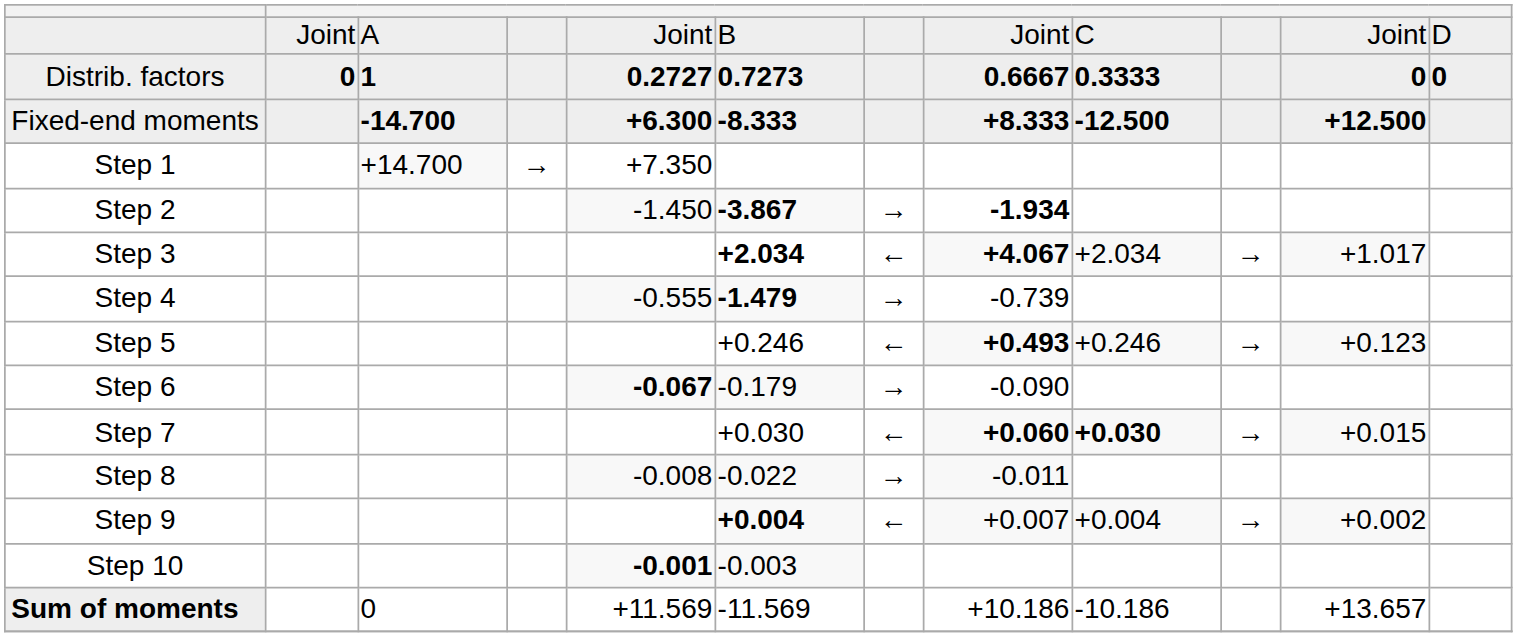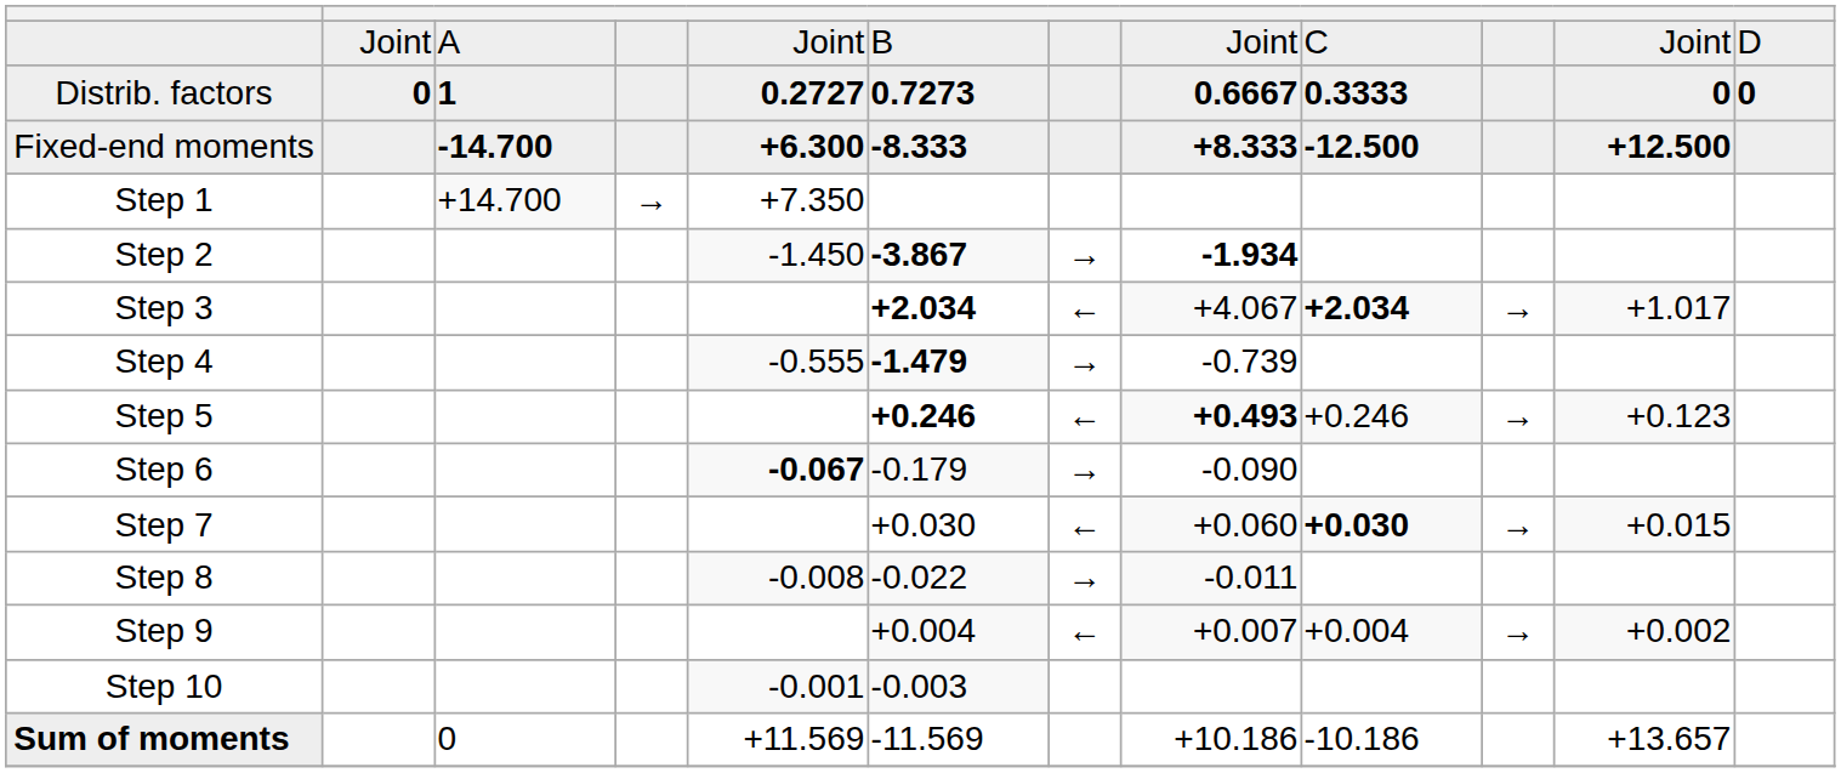 <table class="wikitable" style="background-color:white">
 <tr style="background=color:#EEEEEE;">
 <th></th>
 <th colspan="11"></th>
 </tr>
 <tr style="background-color:#EEEEEE;">
 <td style="text-align:center; font-weight:normal;"></td>
 <td style="text-align:right; width:50px; padding:1px;">Joint</td>
 <td style="text-align:left; width:82px; padding:1px;">A</td>
 <td style="text-align:center; width:31px; padding:1px;"></td>
 <td style="text-align:right; width:82px; padding:1px;">Joint</td>
 <td style="text-align:left; width:82px; padding:1px;">B</td>
 <td style="text-align:center; width:31px; padding:1px;"></td>
 <td style="text-align:right; width:82px; padding:1px;">Joint</td>
 <td style="text-align:left; width:82px; padding:1px;">C</td>
 <td style="text-align:center; width:31px; padding:1px;"></td>
 <td style="text-align:right; width:82px; padding:1px;">Joint</td>
 <td style="text-align:left; width:44px; padding:1px;">D</td>
 </tr>
 <tr style="background-color:#EEEEEE; font-weight:bold;">
 <td style="text-align:center; font-weight:normal;">Distrib. factors</td>
 <td style="text-align:right; width:50px; padding:1px;">0</td>
 <td style="text-align:left; width:82px; padding:1px;">1</td>
 <td style="text-align:center; width:31px; padding:1px;"></td>
 <td style="text-align:right; width:82px; padding:1px;">0.2727</td>
 <td style="text-align:left; width:82px; padding:1px;">0.7273</td>
 <td style="text-align:center; width:31px; padding:1px;"></td>
 <td style="text-align:right; width:82px; padding:1px;">0.6667</td>
 <td style="text-align:left; width:82px; padding:1px;">0.3333</td>
 <td style="text-align:center; width:31px; padding:1px;"></td>
 <td style="text-align:right; width:82px; padding:1px;">0</td>
 <td style="text-align:left; width:44px; padding:1px;">0</td>
 </tr>
 <tr style="background-color:#EEEEEE; font-weight:bold;">
 <td style="text-align:center; font-weight:normal;">Fixed-end moments</td>
 <td style="text-align:right; width:50px; padding:1px;"></td>
 <td style="text-align:left; width:82px; padding:1px;">-14.700</td>
 <td style="text-align:center; width:31px; padding:1px;"></td>
 <td style="text-align:right; width:82px; padding:1px;">+6.300</td>
 <td style="text-align:left; width:82px; padding:1px;">-8.333</td>
 <td style="text-align:center; width:31px; padding:1px;"></td>
 <td style="text-align:right; width:82px; padding:1px;">+8.333</td>
 <td style="text-align:left; width:82px; padding:1px;">-12.500</td>
 <td style="text-align:center; width:31px; padding:1px;"></td>
 <td style="text-align:right; width:82px; padding:1px;">+12.500</td>
 <td style="text-align:left; width:44px; padding:1px;"></td>
 </tr>
 <tr>
 <td style="text-align:center;">Step 1</td>
 <td style="text-align:right; width:50px; padding:1px;"></td>
 <td style="text-align:left; width:82px; background-color:#F8F8F8; padding:1px;">+14.700</td>
 <td style="text-align:center; width:31px; padding:1px;">→</td>
 <td style="text-align:right; width:82px; padding:1px;">+7.350</td>
 <td style="text-align:left; width:82px; padding:1px;"></td>
 <td style="text-align:center; width:31px; padding:1px;"></td>
 <td style="text-align:right; width:82px; padding:1px;"></td>
 <td style="text-align:left; width:82px; padding:1px;"></td>
 <td style="text-align:center; width:31px; padding:1px;"></td>
 <td style="text-align:right; width:82px; padding:1px;"></td>
 <td style="text-align:left; width:44px; padding:1px;"></td>
 </tr>
 <tr>
 <td style="text-align:center;">Step 2</td>
 <td style="text-align:right; width:50px; padding:1px;"></td>
 <td style="text-align:left; width:82px; padding:1px;"></td>
 <td style="text-align:center; width:31px; padding:1px;"></td>
 <td style="text-align:right; width:82px; background-color:#F8F8F8; padding:1px;">-1.450</td>
 <td style="text-align:left; width:82px; background-color:#F8F8F8; padding:1px;"><strong>-3.867</strong></td>
 <td style="text-align:center; width:31px; padding:1px;">→</td>
 <td style="text-align:right; width:82px; padding:1px;"><strong>-1.934</strong></td>
 <td style="text-align:left; width:82px; padding:1px;"></td>
 <td style="text-align:center; width:31px; padding:1px;"></td>
 <td style="text-align:right; width:82px; padding:1px;"></td>
 <td style="text-align:left; width:44px; padding:1px;"></td>
 </tr>
 <tr>
 <td style="text-align:center;">Step 3</td>
 <td style="text-align:right; width:50px; padding:1px;"></td>
 <td style="text-align:left; width:82px; padding:1px;"></td>
 <td style="text-align:center; width:31px; padding:1px;"></td>
 <td style="text-align:right; width:82px; padding:1px;"></td>
 <td style="text-align:left; width:82px; padding:1px;"><strong>+2.034</strong></td>
 <td style="text-align:center; width:31px; padding:1px;">←</td>
-<td style="text-align:right; width:82px; background-color:#F8F8F8; padding:1px;"><strong>+4.067</strong></td>
-<td style="text-align:left; width:82px; background-color:#F8F8F8; padding:1px;">+2.034</td>
+<td style="text-align:right; width:82px; background-color:#F8F8F8; padding:1px;">+4.067</td>
+<td style="text-align:left; width:82px; background-color:#F8F8F8; padding:1px;"><strong>+2.034</strong></td>
 <td style="text-align:center; width:31px; padding:1px;">→</td>
 <td style="text-align:right; width:82px; background-color:#F8F8F8; padding:1px;">+1.017</td>
 <td style="text-align:left; width:44px; padding:1px;"></td>
 </tr>
 <tr>
 <td style="text-align:center;">Step 4</td>
 <td style="text-align:right; width:50px; padding:1px;"></td>
 <td style="text-align:left; width:82px; padding:1px;"></td>
 <td style="text-align:center; width:31px; padding:1px;"></td>
 <td style="text-align:right; width:82px; background-color:#F8F8F8; padding:1px;">-0.555</td>
 <td style="text-align:left; width:82px; background-color:#F8F8F8; padding:1px;"><strong>-1.479</strong></td>
 <td style="text-align:center; width:31px; padding:1px;">→</td>
 <td style="text-align:right; width:82px; padding:1px;">-0.739</td>
 <td style="text-align:left; width:82px; padding:1px;"></td>
 <td style="text-align:center; width:31px; padding:1px;"></td>
 <td style="text-align:right; width:82px; padding:1px;"></td>
 <td style="text-align:left; width:44px; padding:1px;"></td>
 </tr>
 <tr>
 <td style="text-align:center;">Step 5</td>
 <td style="text-align:right; width:50px; padding:1px;"></td>
 <td style="text-align:left; width:82px; padding:1px;"></td>
 <td style="text-align:center; width:31px; padding:1px;"></td>
 <td style="text-align:right; width:82px; padding:1px;"></td>
-<td style="text-align:left; width:82px; padding:1px;">+0.246</td>
+<td style="text-align:left; width:82px; padding:1px;"><strong>+0.246</strong></td>
 <td style="text-align:center; width:31px; padding:1px;">←</td>
 <td style="text-align:right; width:82px; background-color:#F8F8F8; padding:1px;"><strong>+0.493</strong></td>
 <td style="text-align:left; width:82px; background-color:#F8F8F8; padding:1px;">+0.246</td>
 <td style="text-align:center; width:31px; padding:1px;">→</td>
 <td style="text-align:right; width:82px; background-color:#F8F8F8; padding:1px;">+0.123</td>
 <td style="text-align:left; width:44px; padding:1px;"></td>
 </tr>
 <tr>
 <td style="text-align:center;">Step 6</td>
 <td style="text-align:right; width:50px; padding:1px;"></td>
 <td style="text-align:left; width:82px; padding:1px;"></td>
 <td style="text-align:center; width:31px; padding:1px;"></td>
 <td style="text-align:right; width:82px; background-color:#F8F8F8; padding:1px;"><strong>-0.067</strong></td>
 <td style="text-align:left; width:82px; background-color:#F8F8F8; padding:1px;">-0.179</td>
 <td style="text-align:center; width:31px; padding:1px;">→</td>
 <td style="text-align:right; width:82px; padding:1px;">-0.090</td>
 <td style="text-align:left; width:82px; padding:1px;"></td>
 <td style="text-align:center; width:31px; padding:1px;"></td>
 <td style="text-align:right; width:82px; padding:1px;"></td>
 <td style="text-align:left; width:44px; padding:1px;"></td>
 </tr>
 <tr>
 <td style="text-align:center;">Step 7</td>
 <td style="text-align:right; width:50px; padding:1px;"></td>
 <td style="text-align:left; width:82px; padding:1px;"></td>
 <td style="text-align:center; width:31px; padding:1px;"></td>
 <td style="text-align:right; width:82px; padding:1px;"></td>
 <td style="text-align:left; width:82px; padding:1px;">+0.030</td>
 <td style="text-align:center; width:31px; padding:1px;">←</td>
-<td style="text-align:right; width:82px; background-color:#F8F8F8; padding:1px;"><strong>+0.060</strong></td>
+<td style="text-align:right; width:82px; background-color:#F8F8F8; padding:1px;">+0.060</td>
 <td style="text-align:left; width:82px; background-color:#F8F8F8; padding:1px;"><strong>+0.030</strong></td>
 <td style="text-align:center; width:31px; padding:1px;">→</td>
 <td style="text-align:right; width:82px; background-color:#F8F8F8; padding:1px;">+0.015</td>
 <td style="text-align:left; width:44px; padding:1px;"></td>
 </tr>
 <tr>
 <td style="text-align:center;">Step 8</td>
 <td style="text-align:right; width:50px; padding:1px;"></td>
 <td style="text-align:left; width:82px; padding:1px;"></td>
 <td style="text-align:center; width:31px; padding:1px;"></td>
 <td style="text-align:right; width:82px; background-color:#F8F8F8; padding:1px;">-0.008</td>
 <td style="text-align:left; width:82px; background-color:#F8F8F8; padding:1px;">-0.022</td>
 <td style="text-align:center; width:31px; padding:1px;">→</td>
 <td style="text-align:right; width:82px; background-color:#F8F8F8; padding:1px;">-0.011</td>
 <td style="text-align:left; width:82px; padding:1px;"></td>
 <td style="text-align:center; width:31px; padding:1px;"></td>
 <td style="text-align:right; width:82px; padding:1px;"></td>
 <td style="text-align:left; width:44px; padding:1px;"></td>
 </tr>
 <tr>
 <td style="text-align:center;">Step 9</td>
 <td style="text-align:right; width:50px; padding:1px;"></td>
 <td style="text-align:left; width:82px; padding:1px;"></td>
 <td style="text-align:center; width:31px; padding:1px;"></td>
 <td style="text-align:right; width:82px; padding:1px;"></td>
-<td style="text-align:left; width:82px; background-color:#F8F8F8; padding:1px;"><strong>+0.004</strong></td>
+<td style="text-align:left; width:82px; background-color:#F8F8F8; padding:1px;">+0.004</td>
 <td style="text-align:center; width:31px; padding:1px;">←</td>
 <td style="text-align:right; width:82px; background-color:#F8F8F8; padding:1px;">+0.007</td>
 <td style="text-align:left; width:82px; background-color:#F8F8F8; padding:1px;">+0.004</td>
 <td style="text-align:center; width:31px; padding:1px;">→</td>
 <td style="text-align:right; width:82px; background-color:#F8F8F8; padding:1px;">+0.002</td>
 <td style="text-align:left; width:44px; padding:1px;"></td>
 </tr>
 <tr>
 <td style="text-align:center;">Step 10</td>
 <td style="text-align:right; width:50px; padding:1px;"></td>
 <td style="text-align:left; width:82px; padding:1px;"></td>
 <td style="text-align:center; width:31px; padding:1px;"></td>
-<td style="text-align:right; width:82px; background-color:#F8F8F8; padding:1px;"><strong>-0.001</strong></td>
+<td style="text-align:right; width:82px; background-color:#F8F8F8; padding:1px;">-0.001</td>
 <td style="text-align:left; width:82px; background-color:#F8F8F8; padding:1px;">-0.003</td>
 <td style="text-align:center; width:31px; padding:1px;"></td>
 <td style="text-align:right; width:82px; padding:1px;"></td>
 <td style="text-align:left; width:82px; padding:1px;"></td>
 <td style="text-align:center; width:31px; padding:1px;"></td>
 <td style="text-align:right; width:82px; padding:1px;"></td>
 <td style="text-align:left; width:44px; padding:1px;"></td>
 </tr>
 <tr>
 <td style="background-color:#EEEEEE; font-weight:bold;">Sum of moments</td>
 <td style="text-align:right; width:50px; padding:1px;"></td>
 <td style="text-align:left; width:82px; padding:1px;">0</td>
 <td style="text-align:center; width:31px; padding:1px;"></td>
 <td style="text-align:right; width:82px; padding:1px;">+11.569</td>
 <td style="text-align:left; width:82px; padding:1px;">-11.569</td>
 <td style="text-align:center; width:31px; padding:1px;"></td>
 <td style="text-align:right; width:82px; padding:1px;">+10.186</td>
 <td style="text-align:left; width:82px; padding:1px;">-10.186</td>
 <td style="text-align:center; width:31px; padding:1px;"></td>
 <td style="text-align:right; width:82px; padding:1px;">+13.657</td>
 <td style="text-align:left; width:44px; padding:1px;"></td>
 </tr>
 <tr>
 </tr>
 </table>
